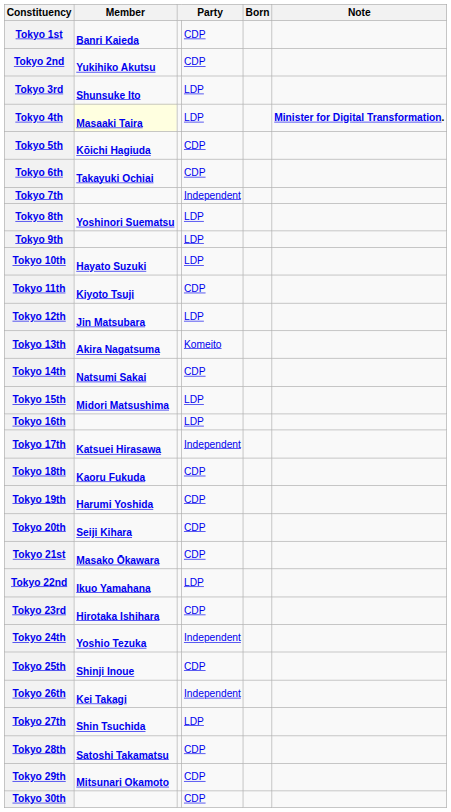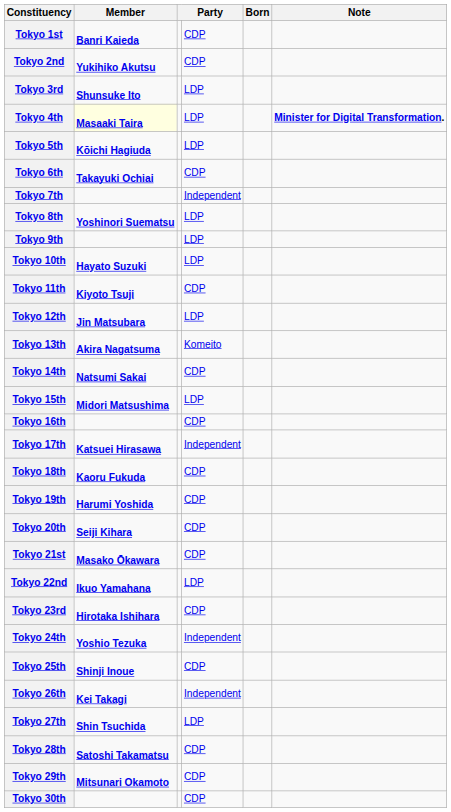 <table class="wikitable sortable plainrowheaders" id="votingmembers">
 <tr style="vertical-align:bottom">
 <th>Constituency</th>
 <th>Member</th>
 <th colspan=2>Party</th>
 <th>Born</th>
 <th>Note</th>
 </tr>
 <tr>
 <th><a href='#'>Tokyo 1st</a></th>
 <td><br><strong><a href='#'>Banri Kaieda</a></strong></td>
 <td style="background-color:"></td>
 <td><a href='#'>CDP</a></td>
 <td></td>
 <td></td>
 </tr>
 <tr>
 <th><a href='#'>Tokyo 2nd</a></th>
 <td><br><strong><a href='#'>Yukihiko Akutsu</a></strong></td>
 <td style="background-color:"></td>
 <td><a href='#'>CDP</a></td>
 <td></td>
 <td></td>
 </tr>
 <tr>
 <th><a href='#'>Tokyo 3rd</a></th>
 <td><br><strong><a href='#'>Shunsuke Ito</a></strong></td>
 <td style="background-color:"></td>
 <td><a href='#'>LDP</a></td>
 <td></td>
 <td></td>
 </tr>
 <tr>
 <th><a href='#'>Tokyo 4th</a></th>
 <td style="background: lightyellow;"><br><strong><a href='#'>Masaaki Taira</a></strong></td>
 <td style="background-color:"></td>
 <td><a href='#'>LDP</a></td>
 <td></td>
 <td><strong><a href='#'>Minister for Digital Transformation</a>.</strong></td>
 </tr>
 <tr>
 <th><a href='#'>Tokyo 5th</a></th>
 <td><br><strong><a href='#'>Kōichi Hagiuda</a></strong></td>
 <td style="background-color:"></td>
-<td><a href='#'>CDP</a></td>
+<td><a href='#'>LDP</a></td>
 <td></td>
 <td></td>
 </tr>
 <tr>
 <th><a href='#'>Tokyo 6th</a></th>
 <td><br><strong><a href='#'>Takayuki Ochiai</a></strong></td>
 <td style="background-color:"></td>
 <td><a href='#'>CDP</a></td>
 <td></td>
 <td></td>
 </tr>
 <tr>
 <th><a href='#'>Tokyo 7th</a></th>
 <td><br><strong></strong></td>
 <td style="background-color:"></td>
 <td><a href='#'>Independent</a></td>
 <td></td>
 <td></td>
 </tr>
 <tr>
 <th><a href='#'>Tokyo 8th</a></th>
 <td><br><strong><a href='#'>Yoshinori Suematsu</a></strong></td>
 <td style="background-color:"></td>
 <td><a href='#'>LDP</a></td>
 <td></td>
 <td></td>
 </tr>
 <tr>
 <th><a href='#'>Tokyo 9th</a></th>
 <td><br><strong></strong></td>
 <td style="background-color:"></td>
 <td><a href='#'>LDP</a></td>
 <td></td>
 <td></td>
 </tr>
 <tr>
 <th><a href='#'>Tokyo 10th</a></th>
 <td><br><strong><a href='#'>Hayato Suzuki</a></strong></td>
 <td style="background-color:"></td>
 <td><a href='#'>LDP</a></td>
 <td></td>
 <td></td>
 </tr>
 <tr>
 <th><a href='#'>Tokyo 11th</a></th>
 <td><br><strong><a href='#'>Kiyoto Tsuji</a></strong></td>
 <td style="background-color:"></td>
 <td><a href='#'>CDP</a></td>
 <td></td>
 <td></td>
 </tr>
 <tr>
 <th><a href='#'>Tokyo 12th</a></th>
 <td><br><strong><a href='#'>Jin Matsubara</a></strong></td>
 <td style="background-color:"></td>
 <td><a href='#'>LDP</a></td>
 <td></td>
 <td></td>
 </tr>
 <tr>
 <th><a href='#'>Tokyo 13th</a></th>
 <td><br><strong><a href='#'>Akira Nagatsuma</a></strong></td>
 <td style="background-color:"></td>
 <td><a href='#'>Komeito</a></td>
 <td></td>
 <td></td>
 </tr>
 <tr>
 <th><a href='#'>Tokyo 14th</a></th>
 <td><br><strong><a href='#'>Natsumi Sakai</a></strong></td>
 <td style="background-color:"></td>
 <td><a href='#'>CDP</a></td>
 <td></td>
 <td></td>
 </tr>
 <tr>
 <th><a href='#'>Tokyo 15th</a></th>
 <td><br><strong><a href='#'>Midori Matsushima</a></strong></td>
 <td style="background-color:"></td>
 <td><a href='#'>LDP</a></td>
 <td></td>
 <td></td>
 </tr>
 <tr>
 <th><a href='#'>Tokyo 16th</a></th>
 <td><strong></strong></td>
 <td style="background-color:"></td>
-<td><a href='#'>LDP</a></td>
+<td><a href='#'>CDP</a></td>
 <td></td>
 <td></td>
 </tr>
 <tr>
 <th><a href='#'>Tokyo 17th</a></th>
 <td><br><strong><a href='#'>Katsuei Hirasawa</a></strong></td>
 <td style="background-color:"></td>
 <td><a href='#'>Independent</a></td>
 <td></td>
 <td></td>
 </tr>
 <tr>
 <th><a href='#'>Tokyo 18th</a></th>
 <td><br><strong><a href='#'>Kaoru Fukuda</a></strong></td>
 <td style="background-color:"></td>
 <td><a href='#'>CDP</a></td>
 <td></td>
 <td></td>
 </tr>
 <tr>
 <th><a href='#'>Tokyo 19th</a></th>
 <td><br><strong><a href='#'>Harumi Yoshida</a></strong></td>
 <td style="background-color:"></td>
 <td><a href='#'>CDP</a></td>
 <td></td>
 <td></td>
 </tr>
 <tr>
 <th><a href='#'>Tokyo 20th</a></th>
 <td><br><strong><a href='#'>Seiji Kihara</a></strong></td>
 <td style="background-color:"></td>
 <td><a href='#'>CDP</a></td>
 <td></td>
 <td></td>
 </tr>
 <tr>
 <th><a href='#'>Tokyo 21st</a></th>
 <td><br><strong><a href='#'>Masako Ōkawara</a></strong></td>
 <td style="background-color:"></td>
 <td><a href='#'>CDP</a></td>
 <td></td>
 <td></td>
 </tr>
 <tr>
 <th><a href='#'>Tokyo 22nd</a></th>
 <td><br><strong><a href='#'>Ikuo Yamahana</a></strong></td>
 <td style="background-color:"></td>
 <td><a href='#'>LDP</a></td>
 <td></td>
 <td></td>
 </tr>
 <tr>
 <th><a href='#'>Tokyo 23rd</a></th>
 <td><br><strong><a href='#'>Hirotaka Ishihara</a></strong></td>
 <td style="background-color:"></td>
 <td><a href='#'>CDP</a></td>
 <td></td>
 <td></td>
 </tr>
 <tr>
 <th><a href='#'>Tokyo 24th</a></th>
 <td><br><strong><a href='#'>Yoshio Tezuka</a></strong></td>
 <td style="background-color:"></td>
 <td><a href='#'>Independent</a></td>
 <td></td>
 <td></td>
 </tr>
 <tr>
 <th><a href='#'>Tokyo 25th</a></th>
 <td><br><strong><a href='#'>Shinji Inoue</a></strong></td>
 <td style="background-color:"></td>
 <td><a href='#'>CDP</a></td>
 <td></td>
 <td></td>
 </tr>
 <tr>
 <th><a href='#'>Tokyo 26th</a></th>
 <td><br><strong><a href='#'>Kei Takagi</a></strong></td>
 <td style="background-color:"></td>
 <td><a href='#'>Independent</a></td>
 <td></td>
 <td></td>
 </tr>
 <tr>
 <th><a href='#'>Tokyo 27th</a></th>
 <td><br><strong><a href='#'>Shin Tsuchida</a></strong></td>
 <td style="background-color:"></td>
 <td><a href='#'>LDP</a></td>
 <td></td>
 <td></td>
 </tr>
 <tr>
 <th><a href='#'>Tokyo 28th</a></th>
 <td><br><strong><a href='#'>Satoshi Takamatsu</a></strong></td>
 <td style="background-color:"></td>
 <td><a href='#'>CDP</a></td>
 <td></td>
 <td></td>
 </tr>
 <tr>
 <th><a href='#'>Tokyo 29th</a></th>
 <td><br><strong><a href='#'>Mitsunari Okamoto</a></strong></td>
 <td style="background-color:"></td>
 <td><a href='#'>CDP</a></td>
 <td></td>
 <td></td>
 </tr>
 <tr>
 <th><a href='#'>Tokyo 30th</a></th>
 <td><br><strong></strong></td>
 <td style="background-color:"></td>
 <td><a href='#'>CDP</a></td>
 <td></td>
 <td></td>
 </tr>
 </table>
